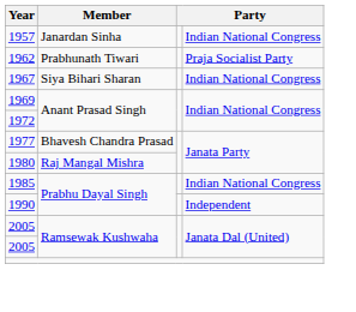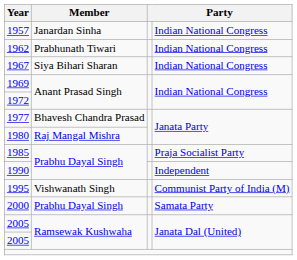 <table class="wikitable">
 <tr>
 <th>Year</th>
 <th>Member</th>
 <th colspan="2">Party</th>
 </tr>
 <tr>
 <td><a href='#'>1957</a></td>
 <td>Janardan Sinha</td>
 <td style="background-color: "></td>
 <td><a href='#'>Indian National Congress</a></td>
 </tr>
 <tr>
 <td><a href='#'>1962</a></td>
 <td>Prabhunath Tiwari</td>
 <td style="background-color: "></td>
-<td><a href='#'>Praja Socialist Party</a></td>
+<td><a href='#'>Indian National Congress</a></td>
 </tr>
 <tr>
 <td><a href='#'>1967</a></td>
 <td>Siya Bihari Sharan</td>
 <td style="background-color: "></td>
 <td><a href='#'>Indian National Congress</a></td>
 </tr>
 <tr>
 <td><a href='#'>1969</a></td>
 <td rowspan="2">Anant Prasad Singh</td>
 <td rowspan="2" style="background-color: "></td>
 <td rowspan="2"><a href='#'>Indian National Congress</a></td>
 </tr>
 <tr>
 <td><a href='#'>1972</a></td>
 </tr>
 <tr>
 <td><a href='#'>1977</a></td>
 <td>Bhavesh Chandra Prasad</td>
 <td rowspan="2" style="background-color: "></td>
 <td rowspan="2"><a href='#'>Janata Party</a></td>
 </tr>
 <tr>
 <td><a href='#'>1980</a></td>
 <td><a href='#'>Raj Mangal Mishra</a></td>
 </tr>
 <tr>
 <td><a href='#'>1985</a></td>
 <td rowspan="2"><a href='#'>Prabhu Dayal Singh</a></td>
 <td style="background-color: "></td>
-<td><a href='#'>Indian National Congress</a></td>
+<td><a href='#'>Praja Socialist Party</a></td>
 </tr>
 <tr>
 <td><a href='#'>1990</a></td>
 <td style="background-color: "></td>
 <td><a href='#'>Independent</a></td>
+</tr>
+<tr>
+<td><a href='#'>1995</a></td>
+<td>Vishwanath Singh</td>
+<td style="background-color: "></td>
+<td><a href='#'>Communist Party of India (M)</a></td>
+</tr>
+<tr>
+<td><a href='#'>2000</a></td>
+<td><a href='#'>Prabhu Dayal Singh</a></td>
+<td style="background-color: "></td>
+<td><a href='#'>Samata Party</a></td>
 </tr>
 <tr>
 <td><a href='#'>2005</a></td>
 <td rowspan="2"><a href='#'>Ramsewak Kushwaha</a></td>
 <td rowspan="2" style="background-color: "></td>
 <td rowspan="2"><a href='#'>Janata Dal (United)</a></td>
 </tr>
 <tr>
 <td><a href='#'>2005</a></td>
 </tr>
 <tr>
 <td colspan="4"></td>
 </tr>
 </table>
